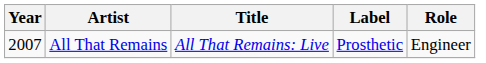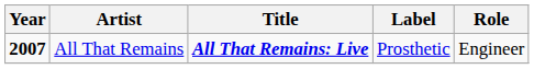 <table class="wikitable sortable">
 <tr>
 <th>Year</th>
 <th>Artist</th>
 <th>Title</th>
 <th>Label</th>
 <th>Role</th>
 </tr>
 <tr>
-<td>2007</td>
+<td><strong>2007</strong></td>
 <td><a href='#'>All That Remains</a></td>
-<td><em><a href='#'>All That Remains: Live</a></em></td>
+<td><strong><em><a href='#'>All That Remains: Live</a></em></strong></td>
 <td><a href='#'>Prosthetic</a></td>
 <td>Engineer</td>
 </tr>
 <tr>
 </tr>
 </table>
